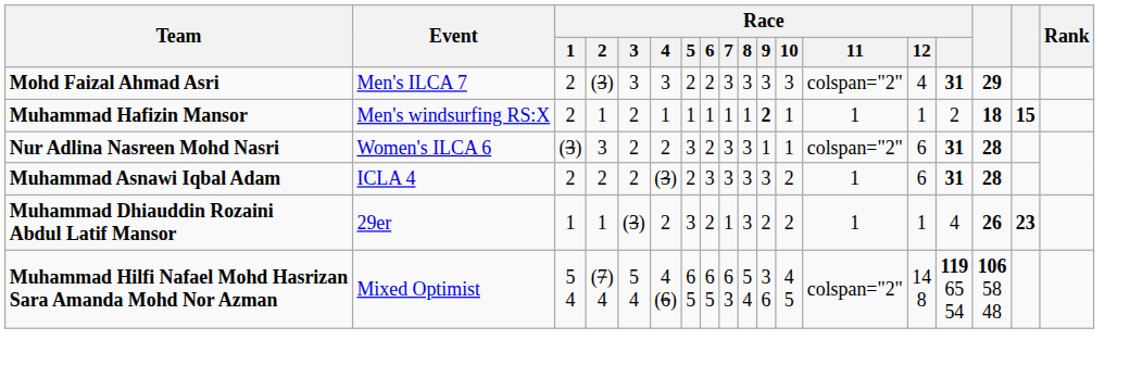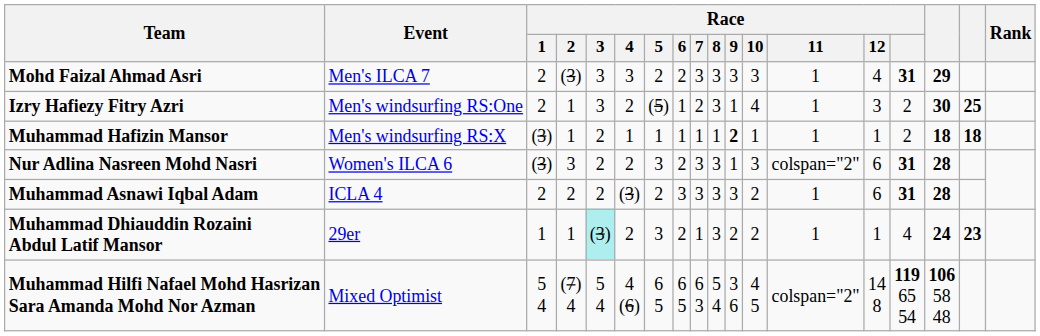 <table class="wikitable" style="font-size:90%">
 <tr>
 <th rowspan=2>Team</th>
 <th rowspan=2>Event</th>
 <th colspan=13>Race</th>
 <th rowspan=2></th>
 <th rowspan=2></th>
 <th rowspan=2>Rank</th>
 </tr>
 <tr style="font-size:95%">
 <th>1</th>
 <th>2</th>
 <th>3</th>
 <th>4</th>
 <th>5</th>
 <th>6</th>
 <th>7</th>
 <th>8</th>
 <th>9</th>
 <th>10</th>
 <th>11</th>
 <th>12</th>
 <th></th>
 </tr>
 <tr align=center>
 <td align=left><strong>Mohd Faizal Ahmad Asri</strong></td>
 <td align=left><a href='#'>Men's ILCA 7</a></td>
 <td>2</td>
 <td>(<s>3</s>)</td>
 <td>3</td>
 <td>3</td>
 <td>2</td>
 <td>2</td>
 <td>3</td>
 <td>3</td>
 <td>3</td>
 <td>3</td>
-<td>colspan="2" </td>
+<td>1</td>
 <td>4</td>
 <td><strong>31</strong></td>
 <td><strong>29</strong></td>
 <td></td>
 </tr>
 <tr align=center>
+<td align=left><strong>Izry Hafiezy Fitry Azri</strong></td>
+<td align=left><a href='#'>Men's windsurfing RS:One</a></td>
+<td>2</td>
+<td>1</td>
+<td>3</td>
+<td>2</td>
+<td>(<s>5</s>)</td>
+<td>1</td>
+<td>2</td>
+<td>3</td>
+<td>1</td>
+<td>4</td>
+<td>1</td>
+<td>3</td>
+<td>2</td>
+<td><strong>30</strong></td>
+<td><strong>25</strong></td>
+<td></td>
+</tr>
+<tr align=center>
 <td align=left><strong>Muhammad Hafizin Mansor</strong></td>
 <td align=left><a href='#'>Men's windsurfing RS:X</a></td>
-<td>2</td>
+<td>(<s>3</s>)</td>
 <td>1</td>
 <td>2</td>
 <td>1</td>
 <td>1</td>
 <td>1</td>
 <td>1</td>
 <td>1</td>
 <td><strong>2</strong></td>
 <td>1</td>
 <td>1</td>
 <td>1</td>
 <td>2</td>
 <td><strong>18</strong></td>
-<td><strong>15</strong></td>
+<td><strong>18</strong></td>
 <td></td>
 </tr>
 <tr align=center>
 <td align=left><strong>Nur Adlina Nasreen Mohd Nasri</strong></td>
 <td align=left><a href='#'>Women's ILCA 6</a></td>
 <td>(<s>3</s>)</td>
 <td>3</td>
 <td>2</td>
 <td>2</td>
 <td>3</td>
 <td>2</td>
 <td>3</td>
 <td>3</td>
 <td>1</td>
-<td>1</td>
+<td>3</td>
 <td>colspan="2" </td>
 <td>6</td>
 <td><strong>31</strong></td>
 <td><strong>28</strong></td>
 <td></td>
 </tr>
 <tr align=center>
 <td align=left><strong>Muhammad Asnawi Iqbal Adam</strong></td>
 <td align=left><a href='#'>ICLA 4</a></td>
 <td>2</td>
 <td>2</td>
 <td>2</td>
 <td>(<s>3</s>)</td>
 <td>2</td>
 <td>3</td>
 <td>3</td>
 <td>3</td>
 <td>3</td>
 <td>2</td>
 <td>1</td>
 <td>6</td>
 <td><strong>31</strong></td>
 <td><strong>28</strong></td>
 <td></td>
 </tr>
 <tr align=center>
 <td align=left><strong>Muhammad Dhiauddin Rozaini<br>Abdul Latif Mansor</strong></td>
 <td align=left><a href='#'>29er</a></td>
 <td>1</td>
 <td>1</td>
-<td>(<s>3</s>)</td>
+<td style="background: paleturquoise;">(<s>3</s>)</td>
 <td>2</td>
 <td>3</td>
 <td>2</td>
 <td>1</td>
 <td>3</td>
 <td>2</td>
 <td>2</td>
 <td>1</td>
 <td>1</td>
 <td>4</td>
-<td><strong>26</strong></td>
+<td><strong>24</strong></td>
 <td><strong>23</strong></td>
 <td></td>
 </tr>
 <tr align=center>
 <td align=left><strong>Muhammad Hilfi Nafael Mohd Hasrizan<br>Sara Amanda Mohd Nor Azman</strong></td>
 <td align=left><a href='#'>Mixed Optimist</a></td>
 <td>5<br>4</td>
 <td>(<s>7</s>)<br>4</td>
 <td>5<br>4</td>
 <td>4<br>(<s>6</s>)</td>
 <td>6<br>5</td>
 <td>6<br>5</td>
 <td>6<br>3</td>
 <td>5<br>4</td>
 <td>3<br>6</td>
 <td>4<br>5</td>
 <td>colspan="2"  </td>
 <td>14<br>8</td>
 <td><strong>119</strong><br>65<br>54</td>
 <td><strong>106</strong><br>58<br>48</td>
 <td></td>
 </tr>
 </table>
